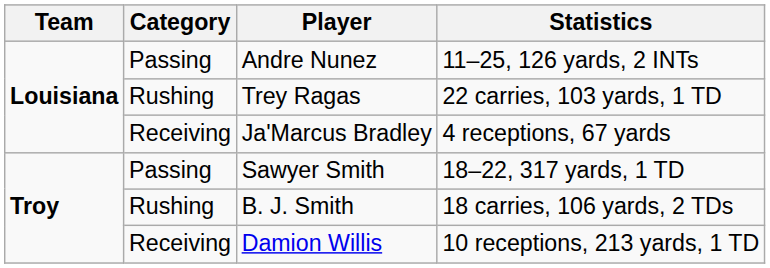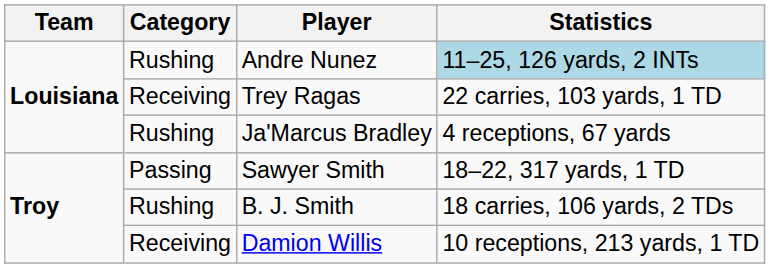 <table class="wikitable" style="float: left;">
 <tr>
 <th>Team</th>
 <th>Category</th>
 <th>Player</th>
 <th>Statistics</th>
 </tr>
 <tr>
 <td rowspan=3><strong>Louisiana</strong></td>
-<td>Passing</td>
+<td>Rushing</td>
 <td>Andre Nunez</td>
-<td>11–25, 126 yards, 2 INTs</td>
+<td style="background: lightblue;">11–25, 126 yards, 2 INTs</td>
 </tr>
 <tr>
-<td>Rushing</td>
+<td>Receiving</td>
 <td>Trey Ragas</td>
 <td>22 carries, 103 yards, 1 TD</td>
 </tr>
 <tr>
-<td>Receiving</td>
+<td>Rushing</td>
 <td>Ja'Marcus Bradley</td>
 <td>4 receptions, 67 yards</td>
 </tr>
 <tr>
 <td rowspan=3><strong>Troy</strong></td>
 <td>Passing</td>
 <td>Sawyer Smith</td>
 <td>18–22, 317 yards, 1 TD</td>
 </tr>
 <tr>
 <td>Rushing</td>
 <td>B. J. Smith</td>
 <td>18 carries, 106 yards, 2 TDs</td>
 </tr>
 <tr>
 <td>Receiving</td>
 <td><a href='#'>Damion Willis</a></td>
 <td>10 receptions, 213 yards, 1 TD</td>
 </tr>
 </table>
